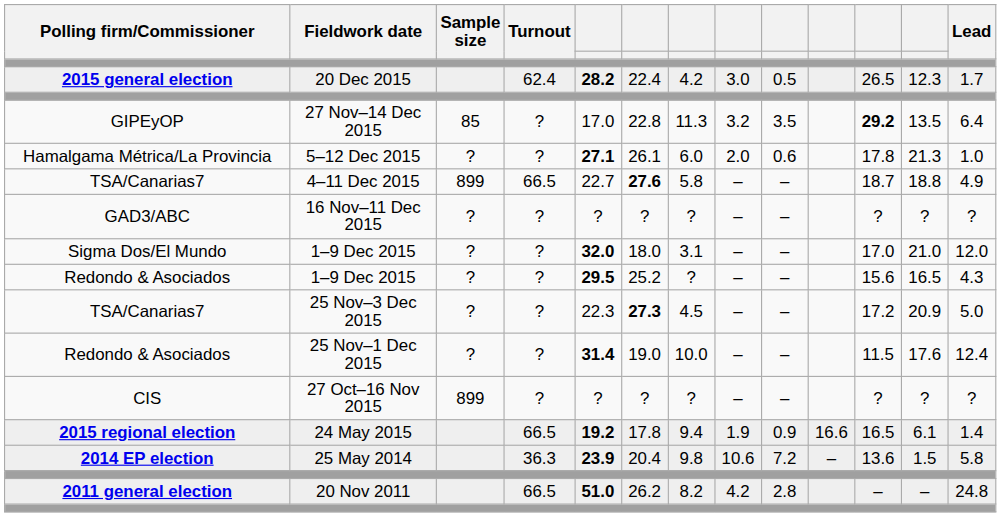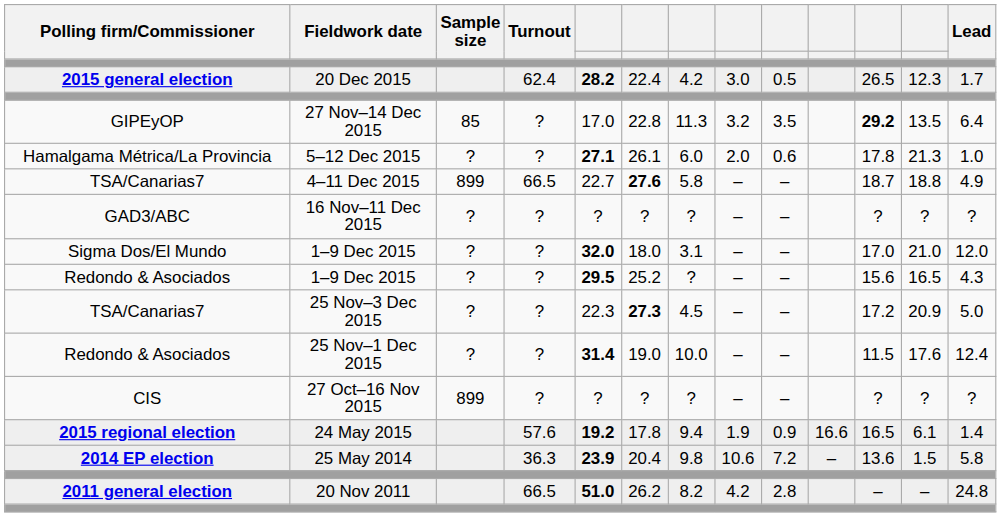 <table class="wikitable collapsible collapsed" style="text-align:center; font-size:95%; line-height:16px;">
 <tr style="height:42px; background-color:#E9E9E9">
 <th style="width:250px;" rowspan="2">Polling firm/Commissioner</th>
 <th style="width:125px;" rowspan="2">Fieldwork date</th>
 <th style="width:50px;" rowspan="2">Sample size</th>
 <th style="width:45px;" rowspan="2">Turnout</th>
 <th style="width:35px;"></th>
 <th style="width:35px;"></th>
 <th style="width:35px;"></th>
 <th style="width:35px;"></th>
 <th style="width:35px;"></th>
 <th style="width:35px;"></th>
 <th style="width:35px;"></th>
 <th style="width:35px;"></th>
 <th style="width:30px;" rowspan="2">Lead</th>
 </tr>
 <tr>
 <th style="color:inherit;background:"></th>
 <th style="color:inherit;background:"></th>
 <th style="color:inherit;background:"></th>
 <th style="color:inherit;background:"></th>
 <th style="color:inherit;background:"></th>
 <th style="color:inherit;background:"></th>
 <th style="color:inherit;background:"></th>
 <th style="color:inherit;background:"></th>
 </tr>
 <tr>
 <td colspan="13" style="background:#A0A0A0"></td>
 </tr>
 <tr style="background:#EFEFEF;">
 <td><strong><a href='#'>2015 general election</a></strong></td>
 <td>20 Dec 2015</td>
 <td></td>
 <td>62.4</td>
 <td><strong>28.2</strong><br></td>
 <td>22.4<br></td>
 <td>4.2<br></td>
 <td>3.0<br></td>
 <td>0.5<br></td>
 <td></td>
 <td>26.5<br></td>
 <td>12.3<br></td>
 <td style="background:">1.7</td>
 </tr>
 <tr>
 <td colspan="13" style="background:#A0A0A0"></td>
 </tr>
 <tr>
 <td>GIPEyOP</td>
 <td>27 Nov–14 Dec 2015</td>
 <td>85</td>
 <td>?</td>
 <td>17.0<br></td>
 <td>22.8<br></td>
 <td>11.3<br></td>
 <td>3.2<br></td>
 <td>3.5<br></td>
 <td></td>
 <td><strong>29.2</strong><br></td>
 <td>13.5<br></td>
 <td style="background:">6.4</td>
 </tr>
 <tr>
 <td>Hamalgama Métrica/La Provincia</td>
 <td>5–12 Dec 2015</td>
 <td>?</td>
 <td>?</td>
 <td><strong>27.1</strong><br></td>
 <td>26.1<br></td>
 <td>6.0<br></td>
 <td>2.0<br></td>
 <td>0.6<br></td>
 <td></td>
 <td>17.8<br></td>
 <td>21.3<br></td>
 <td style="background:">1.0</td>
 </tr>
 <tr>
 <td>TSA/Canarias7</td>
 <td>4–11 Dec 2015</td>
 <td>899</td>
 <td>66.5</td>
 <td>22.7<br></td>
 <td><strong>27.6</strong><br></td>
 <td>5.8<br></td>
 <td>–</td>
 <td>–</td>
 <td></td>
 <td>18.7<br></td>
 <td>18.8<br></td>
 <td style="background:">4.9</td>
 </tr>
 <tr>
 <td>GAD3/ABC</td>
 <td>16 Nov–11 Dec 2015</td>
 <td>?</td>
 <td>?</td>
 <td>?<br></td>
 <td>?<br></td>
 <td>?<br></td>
 <td>–</td>
 <td>–</td>
 <td></td>
 <td>?<br></td>
 <td>?<br></td>
 <td style="background:">?</td>
 </tr>
 <tr>
 <td>Sigma Dos/El Mundo</td>
 <td>1–9 Dec 2015</td>
 <td>?</td>
 <td>?</td>
 <td><strong>32.0</strong><br></td>
 <td>18.0<br></td>
 <td>3.1<br></td>
 <td>–</td>
 <td>–</td>
 <td></td>
 <td>17.0<br></td>
 <td>21.0<br></td>
 <td style="background:">12.0</td>
 </tr>
 <tr>
 <td>Redondo & Asociados</td>
 <td>1–9 Dec 2015</td>
 <td>?</td>
 <td>?</td>
 <td><strong>29.5</strong><br></td>
 <td>25.2<br></td>
 <td>?<br></td>
 <td>–</td>
 <td>–</td>
 <td></td>
 <td>15.6<br></td>
 <td>16.5<br></td>
 <td style="background:">4.3</td>
 </tr>
 <tr>
 <td>TSA/Canarias7</td>
 <td>25 Nov–3 Dec 2015</td>
 <td>?</td>
 <td>?</td>
 <td>22.3<br></td>
 <td><strong>27.3</strong><br></td>
 <td>4.5<br></td>
 <td>–</td>
 <td>–</td>
 <td></td>
 <td>17.2<br></td>
 <td>20.9<br></td>
 <td style="background:">5.0</td>
 </tr>
 <tr>
 <td>Redondo & Asociados</td>
 <td>25 Nov–1 Dec 2015</td>
 <td>?</td>
 <td>?</td>
 <td><strong>31.4</strong><br></td>
 <td>19.0<br></td>
 <td>10.0<br></td>
 <td>–</td>
 <td>–</td>
 <td></td>
 <td>11.5<br></td>
 <td>17.6<br></td>
 <td style="background:">12.4</td>
 </tr>
 <tr>
 <td>CIS</td>
 <td>27 Oct–16 Nov 2015</td>
 <td>899</td>
 <td>?</td>
 <td>?<br></td>
 <td>?<br></td>
 <td>?<br></td>
 <td>–</td>
 <td>–</td>
 <td></td>
 <td>?<br></td>
 <td>?<br></td>
 <td style="background:">?</td>
 </tr>
 <tr style="background:#EFEFEF;">
 <td><strong><a href='#'>2015 regional election</a></strong></td>
 <td>24 May 2015</td>
 <td></td>
-<td>66.5</td>
+<td>57.6</td>
 <td><strong>19.2</strong><br></td>
 <td>17.8<br></td>
 <td>9.4<br></td>
 <td>1.9<br></td>
 <td>0.9<br></td>
 <td>16.6<br></td>
 <td>16.5<br></td>
 <td>6.1<br></td>
 <td style="background:">1.4</td>
 </tr>
 <tr style="background:#EFEFEF;">
 <td><strong><a href='#'>2014 EP election</a></strong></td>
 <td>25 May 2014</td>
 <td></td>
 <td>36.3</td>
 <td><strong>23.9</strong><br></td>
 <td>20.4<br></td>
 <td>9.8<br></td>
 <td>10.6<br></td>
 <td>7.2<br></td>
 <td>–</td>
 <td>13.6<br></td>
 <td>1.5<br></td>
 <td style="background:">5.8</td>
 </tr>
 <tr>
 <td colspan="13" style="background:#A0A0A0"></td>
 </tr>
 <tr style="background:#EFEFEF;">
 <td><strong><a href='#'>2011 general election</a></strong></td>
 <td>20 Nov 2011</td>
 <td></td>
 <td>66.5</td>
 <td><strong>51.0</strong><br></td>
 <td>26.2<br></td>
 <td>8.2<br></td>
 <td>4.2<br></td>
 <td>2.8<br></td>
 <td></td>
 <td>–</td>
 <td>–</td>
 <td style="background:">24.8</td>
 </tr>
 <tr>
 <td colspan="13" style="background:#A0A0A0"></td>
 </tr>
 </table>
